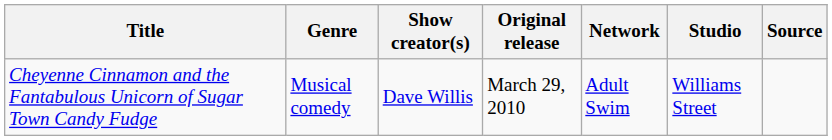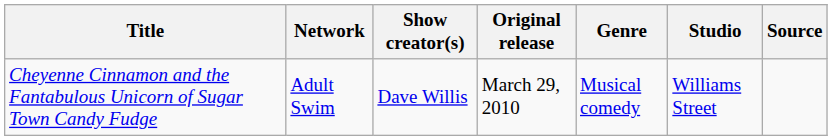 <table class="wikitable sortable" style="text-align: left; font-size:90%; width:100%;">
 <tr>
 <th scope="col">Title</th>
-<th scope="col">Genre</th>
+<th scope="col">Network</th>
 <th scope="col">Show creator(s)</th>
 <th scope="col">Original release</th>
-<th scope="col">Network</th>
+<th scope="col">Genre</th>
 <th scope="col">Studio</th>
 <th scope="col">Source</th>
 </tr>
 <tr>
 <td><em><a href='#'>Cheyenne Cinnamon and the Fantabulous Unicorn of Sugar Town Candy Fudge</a></em></td>
-<td><a href='#'>Musical</a> <a href='#'>comedy</a></td>
+<td><a href='#'>Adult Swim</a></td>
 <td><a href='#'>Dave Willis</a></td>
 <td>March 29, 2010</td>
-<td><a href='#'>Adult Swim</a></td>
+<td><a href='#'>Musical</a> <a href='#'>comedy</a></td>
 <td><a href='#'>Williams Street</a></td>
 <td></td>
 </tr>
 </table>
